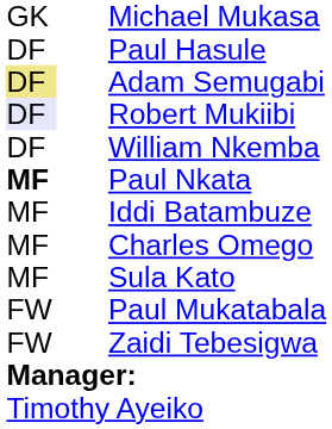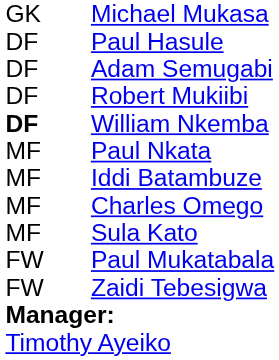 <table cellspacing="0" cellpadding="0" style="font-size:90%; margin:0.2em auto;">
 <tr>
 <th width="25"></th>
 <th width="25"></th>
 </tr>
 <tr>
 <td>GK</td>
 <td></td>
 <td> <a href='#'>Michael Mukasa</a></td>
 </tr>
 <tr>
 <td>DF</td>
 <td></td>
 <td> <a href='#'>Paul Hasule</a></td>
 </tr>
 <tr>
-<td style="background: khaki;">DF</td>
+<td>DF</td>
 <td></td>
 <td> <a href='#'>Adam Semugabi</a></td>
 </tr>
 <tr>
-<td style="background: lavender;">DF</td>
+<td>DF</td>
 <td></td>
 <td> <a href='#'>Robert Mukiibi</a></td>
 </tr>
 <tr>
-<td>DF</td>
+<td><strong>DF</strong></td>
 <td></td>
 <td> <a href='#'>William Nkemba</a></td>
 </tr>
 <tr>
-<td><strong>MF</strong></td>
+<td>MF</td>
 <td></td>
 <td> <a href='#'>Paul Nkata</a></td>
 </tr>
 <tr>
 <td>MF</td>
 <td></td>
 <td> <a href='#'>Iddi Batambuze</a></td>
 </tr>
 <tr>
 <td>MF</td>
 <td></td>
 <td> <a href='#'>Charles Omego</a></td>
 </tr>
 <tr>
 <td>MF</td>
 <td></td>
 <td> <a href='#'>Sula Kato</a></td>
 </tr>
 <tr>
 <td>FW</td>
 <td></td>
 <td> <a href='#'>Paul Mukatabala</a></td>
 </tr>
 <tr>
 <td>FW</td>
 <td></td>
 <td> <a href='#'>Zaidi Tebesigwa</a></td>
 </tr>
 <tr>
 <td colspan=3><strong>Manager:</strong></td>
 </tr>
 <tr>
 <td colspan=4> <a href='#'>Timothy Ayeiko</a></td>
 </tr>
 </table>
